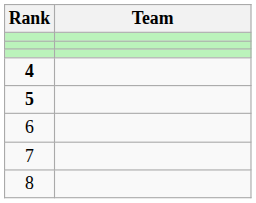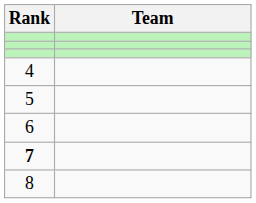 <table class="wikitable">
 <tr>
 <th>Rank</th>
 <th style="width:170px;">Team</th>
 </tr>
 <tr style="background:#bbf3bb;">
 <td align=center></td>
 <td></td>
 </tr>
 <tr style="background:#bbf3bb;">
 <td align=center></td>
 <td></td>
 </tr>
 <tr style="background:#bbf3bb;">
 <td align=center></td>
 <td></td>
 </tr>
 <tr>
-<td align=center><strong>4</strong></td>
+<td align=center>4</td>
 <td></td>
 </tr>
 <tr>
-<td align=center><strong>5</strong></td>
+<td align=center>5</td>
 <td></td>
 </tr>
 <tr>
 <td align=center>6</td>
 <td></td>
 </tr>
 <tr>
-<td align=center>7</td>
+<td align=center><strong>7</strong></td>
 <td></td>
 </tr>
 <tr>
 <td align=center>8</td>
 <td></td>
 </tr>
 </table>
